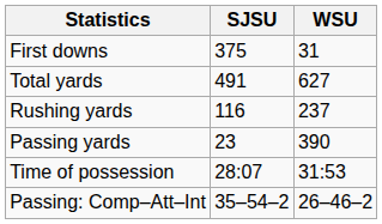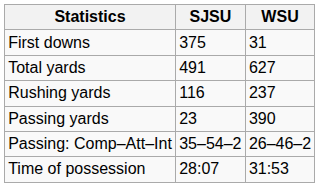 <table class="wikitable" style="float: left;">
 <tr>
 <th>Statistics</th>
 <th>SJSU</th>
 <th>WSU</th>
 </tr>
 <tr>
 <td>First downs</td>
 <td>375</td>
 <td>31</td>
 </tr>
 <tr>
 <td>Total yards</td>
 <td>491</td>
 <td>627</td>
 </tr>
 <tr>
 <td>Rushing yards</td>
 <td>116</td>
 <td>237</td>
 </tr>
 <tr>
 <td>Passing yards</td>
 <td>23</td>
 <td>390</td>
 </tr>
 <tr>
+<td>Passing: Comp–Att–Int</td>
+<td>35–54–2</td>
+<td>26–46–2</td>
+</tr>
+<tr>
 <td>Time of possession</td>
 <td>28:07</td>
 <td>31:53</td>
 </tr>
 <tr>
-<td>Passing: Comp–Att–Int</td>
-<td>35–54–2</td>
-<td>26–46–2</td>
-</tr>
-<tr>
 </tr>
 </table>
